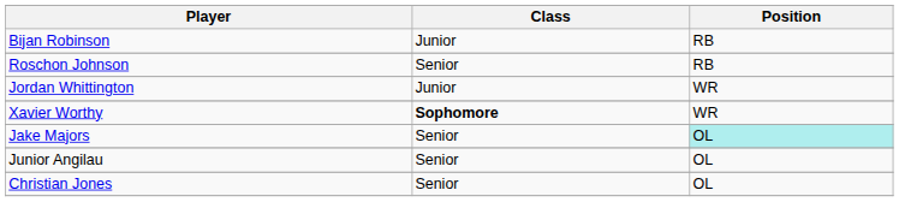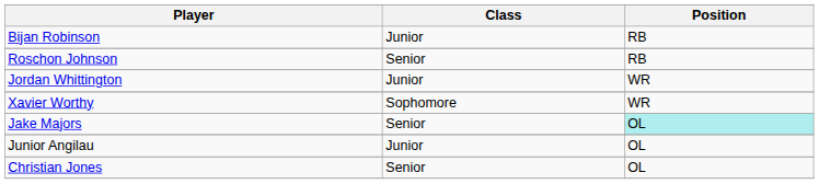 <table class="wikitable" style="width:75%;">
 <tr style="text-align:center; ">
 </tr>
 <tr>
 <th style="text-align:center; ">Player</th>
 <th style="text-align:center; ">Class</th>
 <th style="text-align:center; ">Position</th>
 </tr>
 <tr>
 <td><a href='#'>Bijan Robinson</a></td>
 <td>Junior</td>
 <td>RB</td>
 </tr>
 <tr>
 </tr>
 <tr>
 <td><a href='#'>Roschon Johnson</a></td>
 <td>Senior</td>
 <td>RB</td>
 </tr>
 <tr>
 </tr>
 <tr>
 <td><a href='#'>Jordan Whittington</a></td>
 <td>Junior</td>
 <td>WR</td>
 </tr>
 <tr>
 </tr>
 <tr>
 <td><a href='#'>Xavier Worthy</a></td>
-<td><strong>Sophomore</strong></td>
+<td>Sophomore</td>
 <td>WR</td>
 </tr>
 <tr>
 </tr>
 <tr>
 <td><a href='#'>Jake Majors</a></td>
 <td>Senior</td>
 <td style="background: paleturquoise;">OL</td>
 </tr>
 <tr>
 </tr>
 <tr>
 <td>Junior Angilau</td>
-<td>Senior</td>
+<td>Junior</td>
 <td>OL</td>
 </tr>
 <tr>
 </tr>
 <tr>
 <td><a href='#'>Christian Jones</a></td>
 <td>Senior</td>
 <td>OL</td>
 </tr>
 <tr>
 </tr>
 </table>
